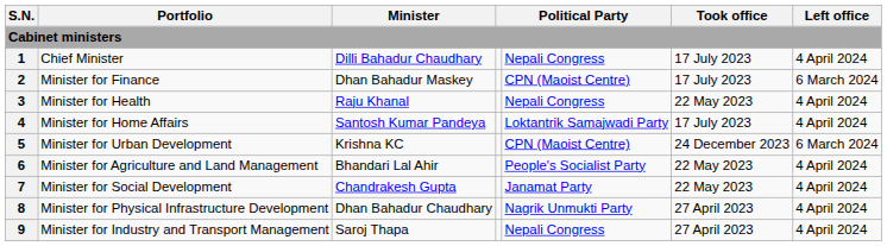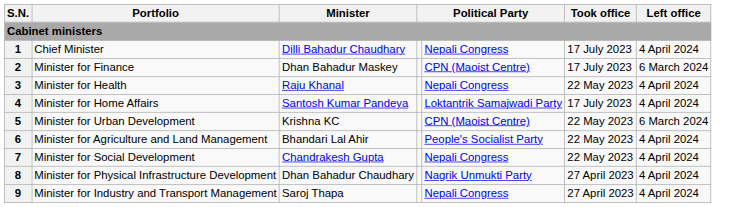 <table class="wikitable">
 <tr>
 <th>S.N.</th>
 <th>Portfolio</th>
 <th>Minister</th>
 <th colspan="2">Political Party</th>
 <th>Took office</th>
 <th>Left office</th>
 </tr>
 <tr>
 <td colspan="7" bgcolor="darkgrey"><strong>Cabinet ministers</strong></td>
 </tr>
 <tr>
 <th>1</th>
 <td>Chief Minister</td>
 <td><a href='#'>Dilli Bahadur Chaudhary</a></td>
 <td></td>
 <td><a href='#'>Nepali Congress</a></td>
 <td>17 July 2023</td>
 <td>4 April 2024</td>
 </tr>
 <tr>
 <th>2</th>
 <td>Minister for Finance</td>
 <td>Dhan Bahadur Maskey</td>
 <td></td>
 <td><a href='#'>CPN (Maoist Centre)</a></td>
 <td>17 July 2023</td>
 <td>6 March 2024</td>
 </tr>
 <tr>
 <th>3</th>
 <td>Minister for Health</td>
 <td><a href='#'>Raju Khanal</a></td>
 <td></td>
 <td><a href='#'>Nepali Congress</a></td>
 <td>22 May 2023</td>
 <td>4 April 2024</td>
 </tr>
 <tr>
 <th>4</th>
 <td>Minister for Home Affairs</td>
 <td><a href='#'>Santosh Kumar Pandeya</a></td>
 <td></td>
 <td><a href='#'>Loktantrik Samajwadi Party</a></td>
 <td>17 July 2023</td>
 <td>4 April 2024</td>
 </tr>
 <tr>
 <th>5</th>
 <td>Minister for Urban Development</td>
 <td>Krishna KC</td>
 <td></td>
 <td><a href='#'>CPN (Maoist Centre)</a></td>
-<td>24 December 2023</td>
+<td>22 May 2023</td>
 <td>6 March 2024</td>
 </tr>
 <tr>
 <th>6</th>
 <td>Minister for Agriculture and Land Management</td>
 <td>Bhandari Lal Ahir</td>
 <td></td>
 <td><a href='#'>People's Socialist Party</a></td>
 <td>22 May 2023</td>
 <td>4 April 2024</td>
 </tr>
 <tr>
 <th>7</th>
 <td>Minister for Social Development</td>
 <td><a href='#'>Chandrakesh Gupta</a></td>
 <td></td>
-<td><a href='#'>Janamat Party</a></td>
+<td><a href='#'>Nepali Congress</a></td>
 <td>22 May 2023</td>
 <td>4 April 2024</td>
 </tr>
 <tr>
 <th>8</th>
 <td>Minister for Physical Infrastructure Development</td>
 <td>Dhan Bahadur Chaudhary</td>
 <td></td>
 <td><a href='#'>Nagrik Unmukti Party</a></td>
 <td>27 April 2023</td>
 <td>4 April 2024</td>
 </tr>
 <tr>
 <th>9</th>
 <td>Minister for Industry and Transport Management</td>
 <td>Saroj Thapa</td>
 <td></td>
 <td><a href='#'>Nepali Congress</a></td>
 <td>27 April 2023</td>
 <td>4 April 2024</td>
 </tr>
 </table>
